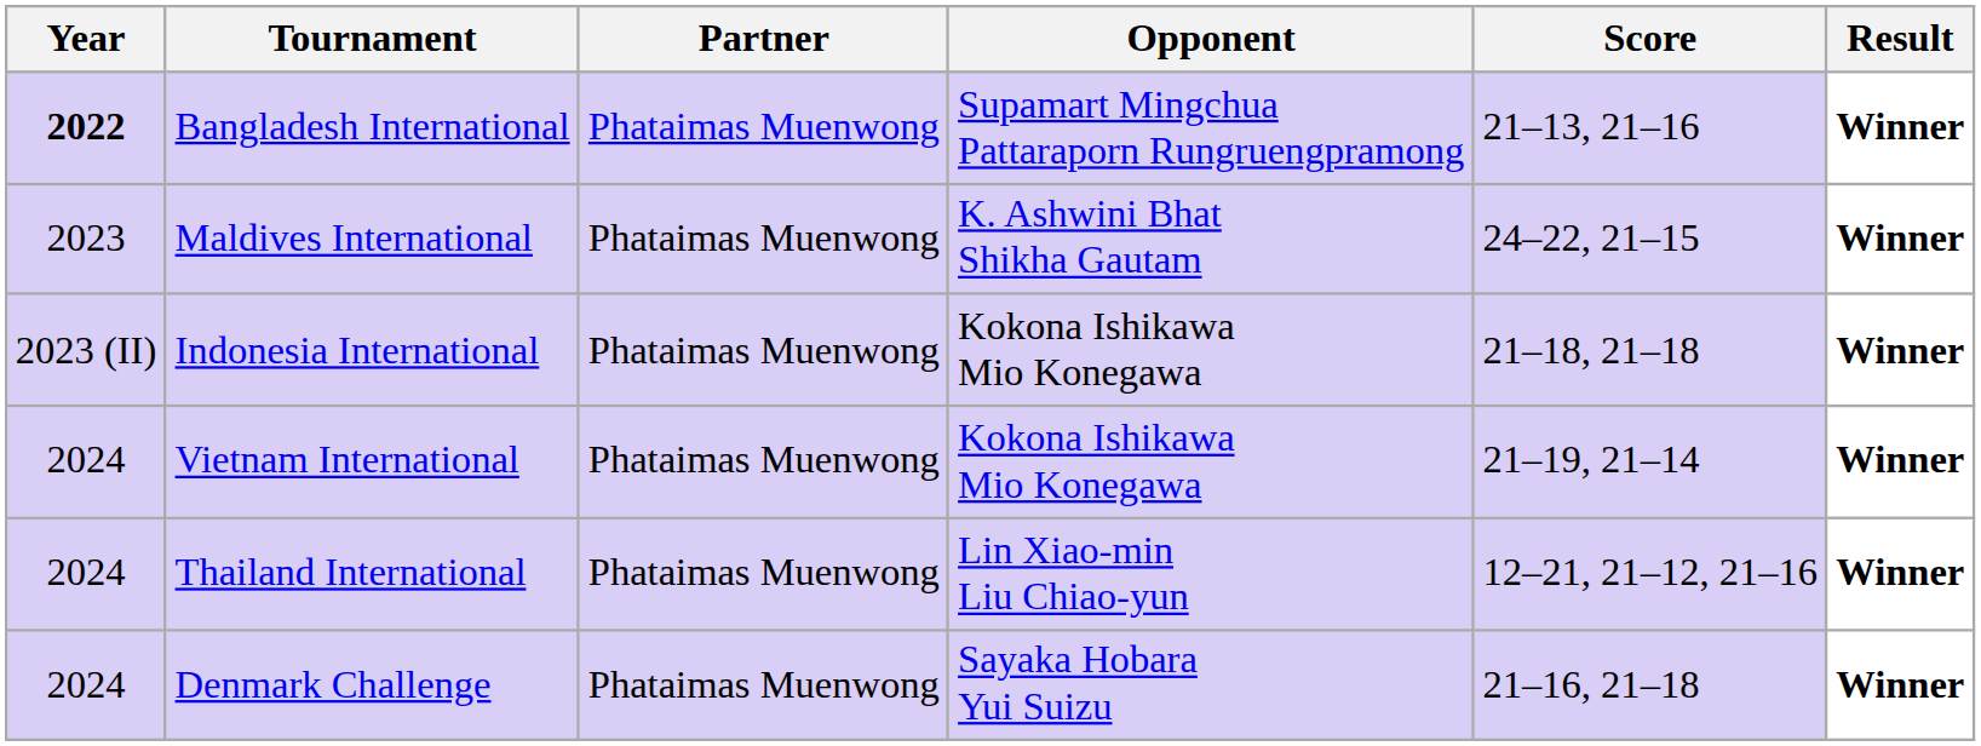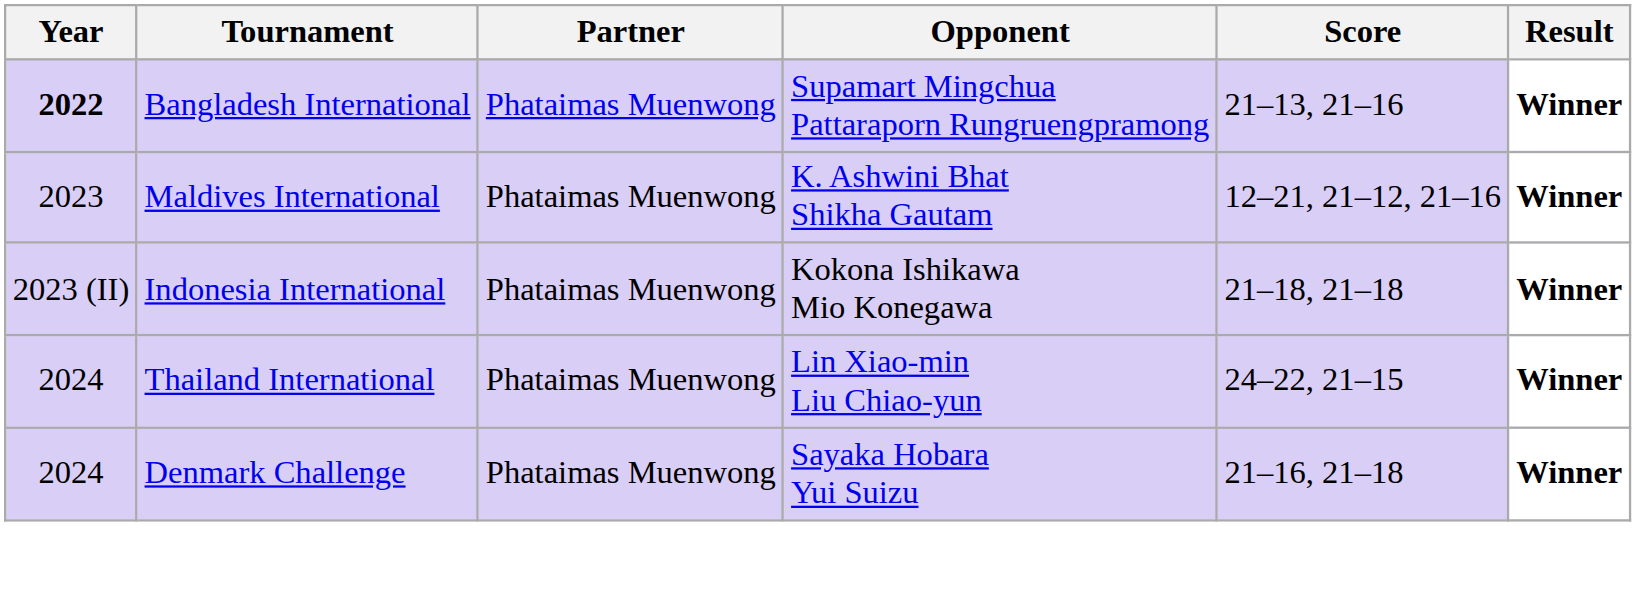 <table class="sortable wikitable" style="font-size: 90%;">
 <tr>
 <th>Year</th>
 <th>Tournament</th>
 <th>Partner</th>
 <th>Opponent</th>
 <th>Score</th>
 <th>Result</th>
 </tr>
 <tr style="background:#D8CEF6">
 <td align="center"><strong>2022</strong></td>
 <td align="left"><a href='#'>Bangladesh International</a></td>
 <td align="left"> <a href='#'>Phataimas Muenwong</a></td>
 <td align="left"> <a href='#'>Supamart Mingchua</a><br> <a href='#'>Pattaraporn Rungruengpramong</a></td>
 <td align="left">21–13, 21–16</td>
 <td style="text-align:left; background:white"> <strong>Winner</strong></td>
 </tr>
 <tr style="background:#D8CEF6">
 <td align="center">2023</td>
 <td align="left"><a href='#'>Maldives International</a></td>
 <td align="left"> Phataimas Muenwong</td>
 <td align="left"> <a href='#'>K. Ashwini Bhat</a><br> <a href='#'>Shikha Gautam</a></td>
-<td align="left">24–22, 21–15</td>
+<td align="left">12–21, 21–12, 21–16</td>
 <td style="text-align:left; background:white"> <strong>Winner</strong></td>
 </tr>
 <tr style="background:#D8CEF6">
 <td align="center">2023 (II)</td>
 <td align="left"><a href='#'>Indonesia International</a></td>
 <td align="left"> Phataimas Muenwong</td>
 <td align="left"> Kokona Ishikawa<br> Mio Konegawa</td>
 <td align="left">21–18, 21–18</td>
 <td style="text-align:left; background:white"> <strong>Winner</strong></td>
 </tr>
 <tr style="background:#D8CEF6">
 <td align="center">2024</td>
-<td align="left"><a href='#'>Vietnam International</a></td>
-<td align="left"> Phataimas Muenwong</td>
-<td align="left"> <a href='#'>Kokona Ishikawa</a><br> <a href='#'>Mio Konegawa</a></td>
-<td align="left">21–19, 21–14</td>
-<td style="text-align:left; background:white"> <strong>Winner</strong></td>
-</tr>
-<tr style="background:#D8CEF6">
-<td align="center">2024</td>
 <td align="left"><a href='#'>Thailand International</a></td>
 <td align="left"> Phataimas Muenwong</td>
 <td align="left"> <a href='#'>Lin Xiao-min</a><br> <a href='#'>Liu Chiao-yun</a></td>
-<td align="left">12–21, 21–12, 21–16</td>
+<td align="left">24–22, 21–15</td>
 <td style="text-align:left; background:white"> <strong>Winner</strong></td>
 </tr>
 <tr style="background:#D8CEF6">
 <td align="center">2024</td>
 <td align="left"><a href='#'>Denmark Challenge</a></td>
 <td align="left"> Phataimas Muenwong</td>
 <td align="left"> <a href='#'>Sayaka Hobara</a><br> <a href='#'>Yui Suizu</a></td>
 <td align="left">21–16, 21–18</td>
 <td style="text-align:left; background:white"> <strong>Winner</strong></td>
 </tr>
 </table>
